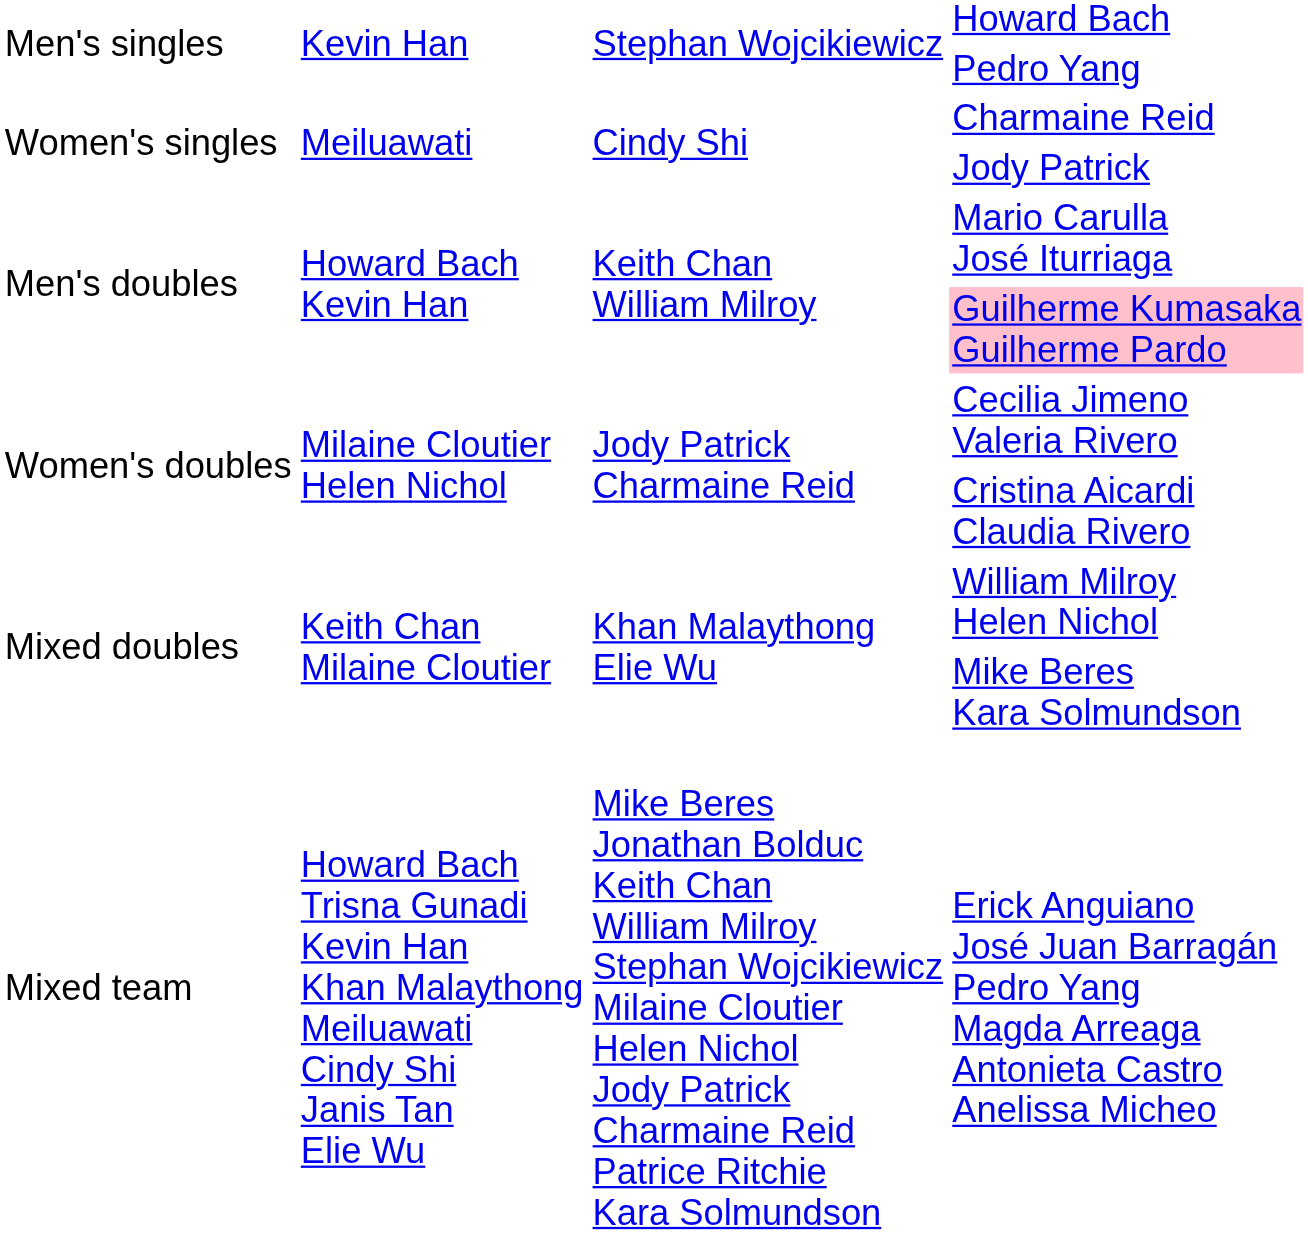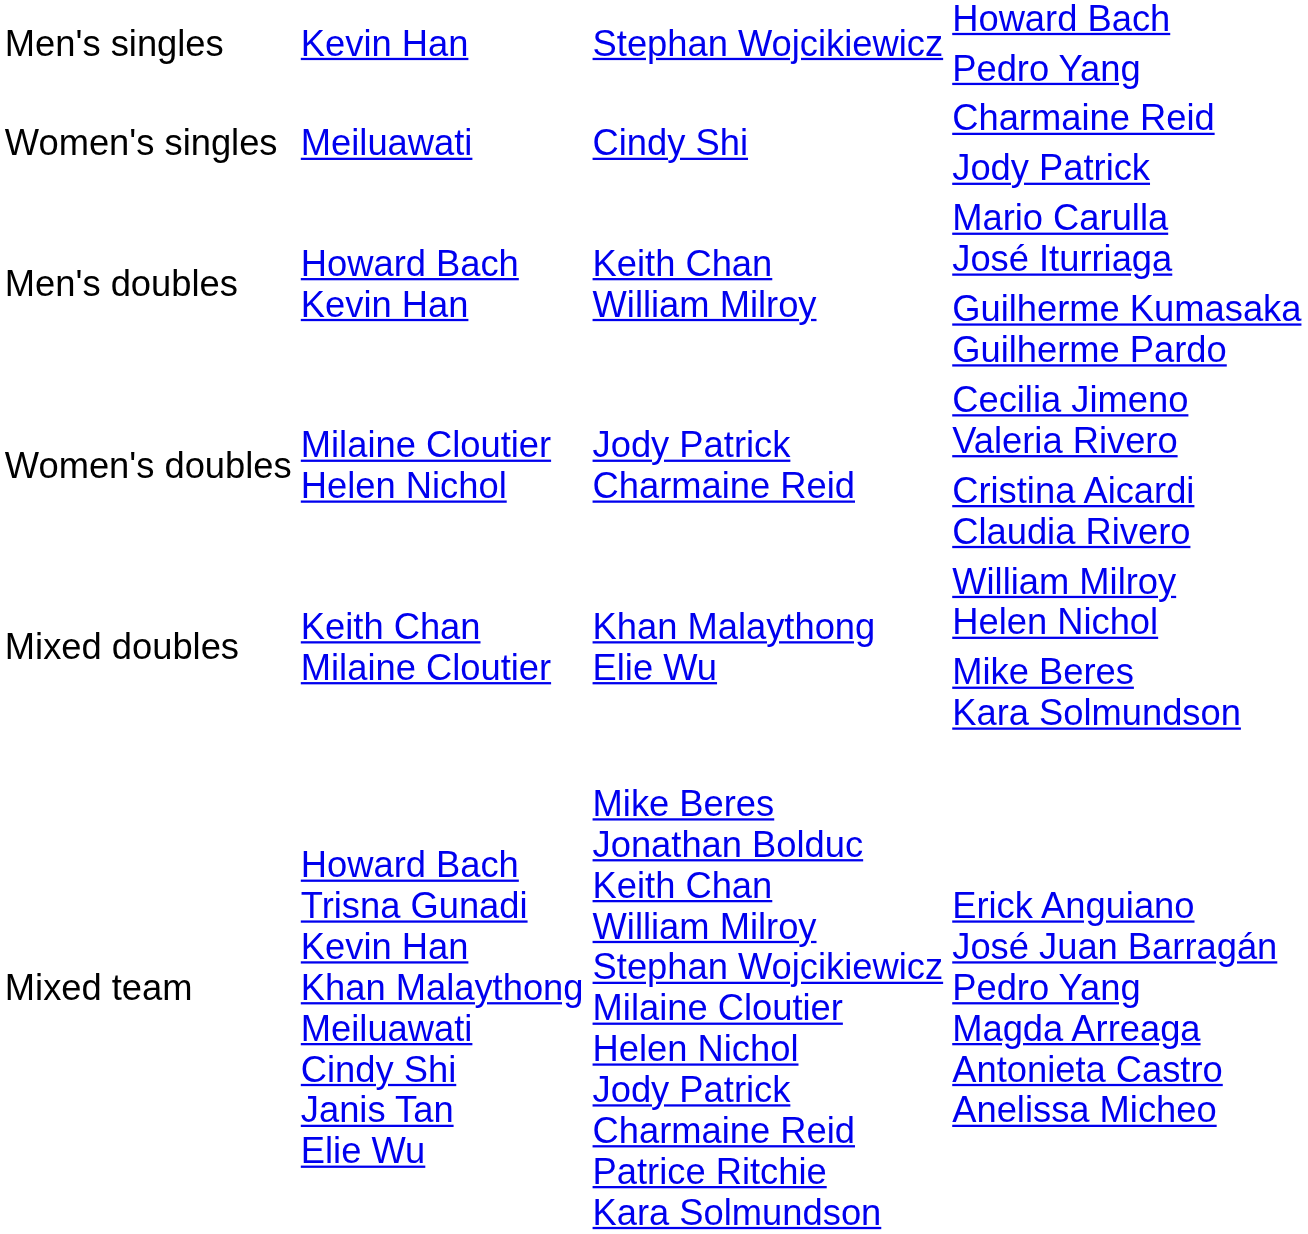 <table>
 <tr>
 <td rowspan="2">Men's singles</td>
 <td rowspan="2"> <a href='#'>Kevin Han</a></td>
 <td rowspan="2"> <a href='#'>Stephan Wojcikiewicz</a></td>
 <td> <a href='#'>Howard Bach</a></td>
 </tr>
 <tr>
 <td> <a href='#'>Pedro Yang</a></td>
 </tr>
 <tr>
 <td rowspan="2">Women's singles</td>
 <td rowspan="2"> <a href='#'>Meiluawati</a></td>
 <td rowspan="2"> <a href='#'>Cindy Shi</a></td>
 <td> <a href='#'>Charmaine Reid</a></td>
 </tr>
 <tr>
 <td> <a href='#'>Jody Patrick</a></td>
 </tr>
 <tr>
 <td rowspan="2">Men's doubles</td>
 <td rowspan="2"> <a href='#'>Howard Bach</a><br> <a href='#'>Kevin Han</a></td>
 <td rowspan="2"> <a href='#'>Keith Chan</a><br> <a href='#'>William Milroy</a></td>
 <td> <a href='#'>Mario Carulla</a><br> <a href='#'>José Iturriaga</a></td>
 </tr>
 <tr>
-<td style="background: pink;"> <a href='#'>Guilherme Kumasaka</a><br> <a href='#'>Guilherme Pardo</a></td>
+<td> <a href='#'>Guilherme Kumasaka</a><br> <a href='#'>Guilherme Pardo</a></td>
 </tr>
 <tr>
 <td rowspan="2">Women's doubles</td>
 <td rowspan="2"> <a href='#'>Milaine Cloutier</a><br> <a href='#'>Helen Nichol</a></td>
 <td rowspan="2"> <a href='#'>Jody Patrick</a><br> <a href='#'>Charmaine Reid</a></td>
 <td> <a href='#'>Cecilia Jimeno</a><br> <a href='#'>Valeria Rivero</a></td>
 </tr>
 <tr>
 <td> <a href='#'>Cristina Aicardi</a><br> <a href='#'>Claudia Rivero</a></td>
 </tr>
 <tr>
 <td rowspan="2">Mixed doubles</td>
 <td rowspan="2"> <a href='#'>Keith Chan</a><br> <a href='#'>Milaine Cloutier</a></td>
 <td rowspan="2"> <a href='#'>Khan Malaythong</a><br> <a href='#'>Elie Wu</a></td>
 <td> <a href='#'>William Milroy</a><br> <a href='#'>Helen Nichol</a></td>
 </tr>
 <tr>
 <td> <a href='#'>Mike Beres</a><br> <a href='#'>Kara Solmundson</a></td>
 </tr>
 <tr>
 <td>Mixed team</td>
 <td><br><a href='#'>Howard Bach</a><br><a href='#'>Trisna Gunadi</a><br><a href='#'>Kevin Han</a><br><a href='#'>Khan Malaythong</a><br><a href='#'>Meiluawati</a><br><a href='#'>Cindy Shi</a><br><a href='#'>Janis Tan</a><br><a href='#'>Elie Wu</a></td>
 <td><br><a href='#'>Mike Beres</a><br><a href='#'>Jonathan Bolduc</a><br><a href='#'>Keith Chan</a><br><a href='#'>William Milroy</a><br><a href='#'>Stephan Wojcikiewicz</a><br><a href='#'>Milaine Cloutier</a><br><a href='#'>Helen Nichol</a><br><a href='#'>Jody Patrick</a><br><a href='#'>Charmaine Reid</a><br><a href='#'>Patrice Ritchie</a><br><a href='#'>Kara Solmundson</a></td>
 <td><br><a href='#'>Erick Anguiano</a><br><a href='#'>José Juan Barragán</a><br><a href='#'>Pedro Yang</a><br><a href='#'>Magda Arreaga</a><br><a href='#'>Antonieta Castro</a><br><a href='#'>Anelissa Micheo</a></td>
 </tr>
 </table>
